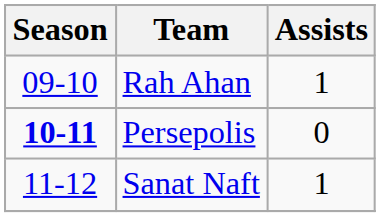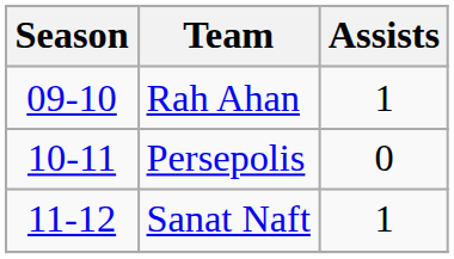 <table class="wikitable" style="text-align: center;">
 <tr>
 <th>Season</th>
 <th>Team</th>
 <th>Assists</th>
 </tr>
 <tr>
 <td><a href='#'>09-10</a></td>
 <td align="left"><a href='#'>Rah Ahan</a></td>
 <td>1</td>
 </tr>
 <tr>
-<td><strong><a href='#'>10-11</a></strong></td>
+<td><a href='#'>10-11</a></td>
 <td align="left"><a href='#'>Persepolis</a></td>
 <td>0</td>
 </tr>
 <tr>
 <td><a href='#'>11-12</a></td>
 <td align="left"><a href='#'>Sanat Naft</a></td>
 <td>1</td>
 </tr>
 <tr>
 </tr>
 </table>
